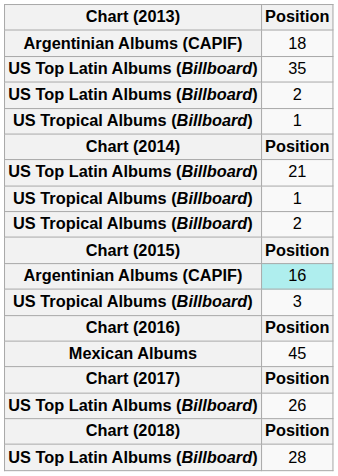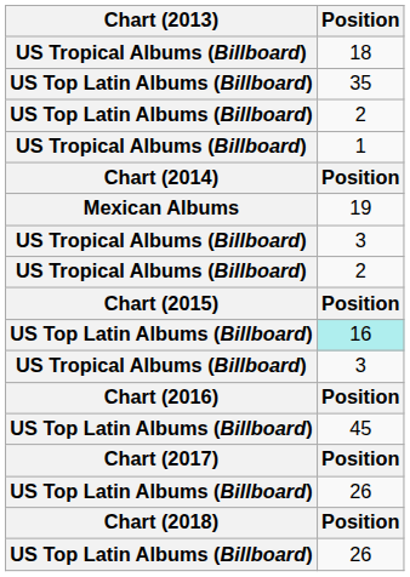 <table class="wikitable sortable plainrowheaders">
 <tr>
 <th scope="col">Chart (2013)</th>
 <th scope="col">Position</th>
 </tr>
 <tr>
-<th scope="row">Argentinian Albums (CAPIF)</th>
+<th scope="row">US Tropical Albums (<em>Billboard</em>)</th>
 <td style="text-align:center;">18</td>
 </tr>
 <tr>
 <th scope="row">US Top Latin Albums (<em>Billboard</em>)</th>
 <td style="text-align:center;">35</td>
 </tr>
 <tr>
 <th scope="row">US Top Latin Albums (<em>Billboard</em>)</th>
 <td style="text-align:center;">2</td>
 </tr>
 <tr>
 <th scope="row">US Tropical Albums (<em>Billboard</em>)</th>
 <td style="text-align:center;">1</td>
 </tr>
 <tr>
 <th scope="col">Chart (2014)</th>
 <th scope="col">Position</th>
 </tr>
 <tr>
-<th scope="row">US Top Latin Albums (<em>Billboard</em>)</th>
-<td align="center">21</td>
+<th scope="row">Mexican Albums</th>
+<td align="center">19</td>
 </tr>
 <tr>
 <th scope="row">US Tropical Albums (<em>Billboard</em>)</th>
-<td style="text-align:center;">1</td>
+<td style="text-align:center;">3</td>
 </tr>
 <tr>
 <th scope="row">US Tropical Albums (<em>Billboard</em>)</th>
 <td style="text-align:center;">2</td>
 </tr>
 <tr>
 <th scope="col">Chart (2015)</th>
 <th scope="col">Position</th>
 </tr>
 <tr>
-<th scope="row">Argentinian Albums (CAPIF)</th>
+<th scope="row">US Top Latin Albums (<em>Billboard</em>)</th>
 <td style="background: paleturquoise; text-align:center;">16</td>
 </tr>
 <tr>
 <th scope="row">US Tropical Albums (<em>Billboard</em>)</th>
 <td style="text-align:center;">3</td>
 </tr>
 <tr>
 <th scope="col">Chart (2016)</th>
 <th scope="col">Position</th>
 </tr>
 <tr>
-<th scope="row">Mexican Albums</th>
+<th scope="row">US Top Latin Albums (<em>Billboard</em>)</th>
 <td style="text-align:center;">45</td>
 </tr>
 <tr>
 <th scope="col">Chart (2017)</th>
 <th scope="col">Position</th>
 </tr>
 <tr>
 <th scope="row">US Top Latin Albums (<em>Billboard</em>)</th>
 <td style="text-align:center;">26</td>
 </tr>
 <tr>
 <th scope="col">Chart (2018)</th>
 <th scope="col">Position</th>
 </tr>
 <tr>
 <th scope="row">US Top Latin Albums (<em>Billboard</em>)</th>
-<td style="text-align:center;">28</td>
+<td style="text-align:center;">26</td>
 </tr>
 </table>
